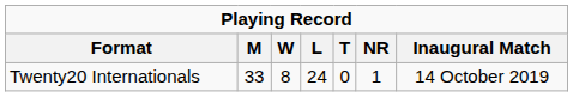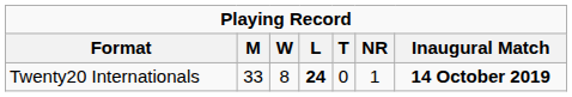 <table class="wikitable" style="text-align: center; width: 500px;">
 <tr>
 <td colspan=7 align="center"><strong>Playing Record</strong></td>
 </tr>
 <tr>
 <th>Format</th>
 <th>M</th>
 <th>W</th>
 <th>L</th>
 <th>T</th>
 <th>NR</th>
 <th>Inaugural Match</th>
 </tr>
 <tr>
 <td align="left">Twenty20 Internationals</td>
 <td>33</td>
 <td>8</td>
-<td>24</td>
+<td><strong>24</strong></td>
 <td>0</td>
 <td>1</td>
-<td>14 October 2019</td>
+<td><strong>14 October 2019</strong></td>
 </tr>
 </table>
